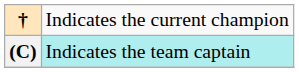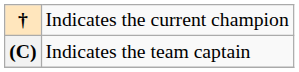 <table class="wikitable">
 <tr>
 <th style="background-color:#FFE6BD">†</th>
 <td>Indicates the current champion</td>
 </tr>
 <tr>
 <th>(C)</th>
-<td style="background: paleturquoise;">Indicates the team captain</td>
+<td>Indicates the team captain</td>
 </tr>
 <tr>
 </tr>
 </table>
